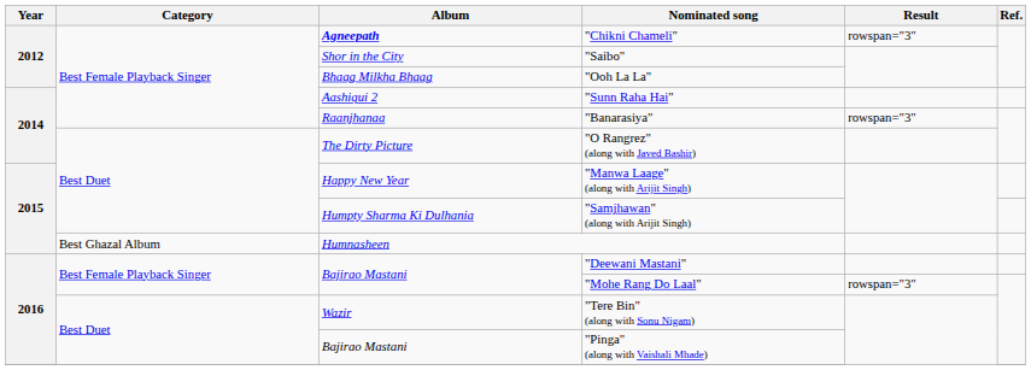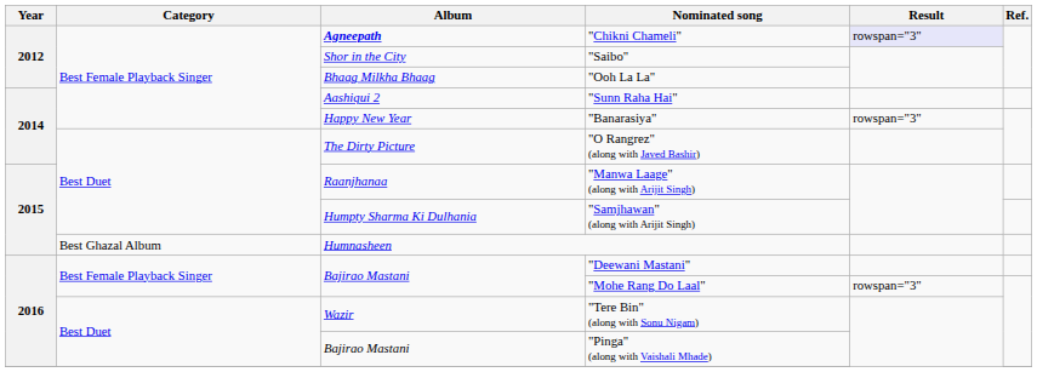 <table class="wikitable plainrowheaders" width="100%" textcolor:#000;">
 <tr>
 <th scope="col" width=5%><strong>Year</strong></th>
 <th scope="col" width=26%><strong>Category</strong></th>
 <th scope="col" width=26%><strong>Album</strong></th>
 <th scope="col" width=26%><strong>Nominated song</strong></th>
 <th scope="col" width=15%><strong>Result</strong></th>
 <th scope="col" width=2%><strong>Ref.</strong></th>
 </tr>
 <tr>
 <th scope="row" rowspan="3">2012</th>
 <td rowspan="5"><a href='#'>Best Female Playback Singer</a></td>
 <td><strong><em><a href='#'>Agneepath</a></em></strong></td>
 <td>"<a href='#'>Chikni Chameli</a>"</td>
-<td>rowspan="3" </td>
+<td style="background: lavender;">rowspan="3" </td>
 <td rowspan="3"></td>
 </tr>
 <tr>
 <td><em><a href='#'>Shor in the City</a></em></td>
 <td>"Saibo"</td>
 </tr>
 <tr>
 <td><em><a href='#'>Bhaag Milkha Bhaag</a></em></td>
 <td>"Ooh La La"</td>
 </tr>
 <tr>
 <th scope="row" rowspan="3">2014</th>
 <td><em><a href='#'>Aashiqui 2</a></em></td>
 <td>"<a href='#'>Sunn Raha Hai</a>"</td>
 <td></td>
 <td></td>
 </tr>
 <tr>
-<td><em><a href='#'>Raanjhanaa</a></em></td>
+<td><em><a href='#'>Happy New Year</a></em></td>
 <td>"Banarasiya"</td>
 <td>rowspan="3" </td>
 <td rowspan="2"></td>
 </tr>
 <tr>
 <td rowspan="3"><a href='#'>Best Duet</a></td>
 <td><em><a href='#'>The Dirty Picture</a></em></td>
 <td>"O Rangrez"<br><small>(along with <a href='#'>Javed Bashir</a>)</small></td>
 </tr>
 <tr>
 <th scope="row" rowspan="3">2015</th>
-<td><em><a href='#'>Happy New Year</a></em></td>
+<td><em><a href='#'>Raanjhanaa</a></em></td>
 <td>"<a href='#'>Manwa Laage</a>"<br><small>(along with <a href='#'>Arijit Singh</a>)</small></td>
 <td rowspan="2"></td>
 </tr>
 <tr>
 <td><em><a href='#'>Humpty Sharma Ki Dulhania</a></em></td>
 <td>"<a href='#'>Samjhawan</a>"<br><small>(along with Arijit Singh)</small></td>
 <td></td>
 </tr>
 <tr>
 <td>Best Ghazal Album</td>
 <td colspan="2"><em><a href='#'>Humnasheen</a></em></td>
 <td></td>
 <td></td>
 </tr>
 <tr>
 <th scope="row" rowspan="4">2016</th>
 <td rowspan="2"><a href='#'>Best Female Playback Singer</a></td>
 <td rowspan="2"><em><a href='#'>Bajirao Mastani</a></em></td>
 <td>"<a href='#'>Deewani Mastani</a>"</td>
 <td></td>
 <td></td>
 </tr>
 <tr>
 <td>"<a href='#'>Mohe Rang Do Laal</a>"</td>
 <td>rowspan="3" </td>
 <td rowspan="3"></td>
 </tr>
 <tr>
 <td rowspan="2"><a href='#'>Best Duet</a></td>
 <td><em><a href='#'>Wazir</a></em></td>
 <td>"Tere Bin"<br><small>(along with <a href='#'>Sonu Nigam</a>)</small></td>
 </tr>
 <tr>
 <td><em>Bajirao Mastani</em></td>
 <td>"Pinga"<br><small>(along with <a href='#'>Vaishali Mhade</a>)</small></td>
 </tr>
 <tr>
 </tr>
 </table>
